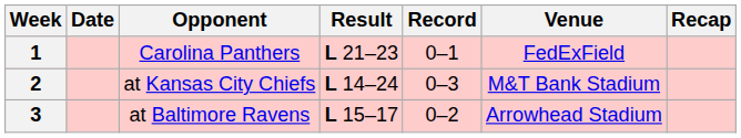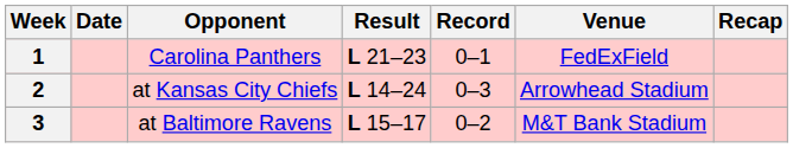 <table class="wikitable" style="text-align:center">
 <tr>
 <th>Week</th>
 <th>Date</th>
 <th>Opponent</th>
 <th>Result</th>
 <th>Record</th>
 <th>Venue</th>
 <th>Recap</th>
 </tr>
 <tr style="background:#fcc">
 <th>1</th>
 <td></td>
 <td><a href='#'>Carolina Panthers</a></td>
 <td><strong>L</strong> 21–23</td>
 <td>0–1</td>
 <td><a href='#'>FedExField</a></td>
 <td></td>
 </tr>
 <tr style="background:#fcc">
 <th>2</th>
 <td></td>
 <td>at <a href='#'>Kansas City Chiefs</a></td>
 <td><strong>L</strong> 14–24</td>
 <td>0–3</td>
-<td><a href='#'>M&T Bank Stadium</a></td>
+<td><a href='#'>Arrowhead Stadium</a></td>
 <td></td>
 </tr>
 <tr style="background:#fcc">
 <th>3</th>
 <td></td>
 <td>at <a href='#'>Baltimore Ravens</a></td>
 <td><strong>L</strong> 15–17</td>
 <td>0–2</td>
-<td><a href='#'>Arrowhead Stadium</a></td>
+<td><a href='#'>M&T Bank Stadium</a></td>
 <td></td>
 </tr>
 </table>
